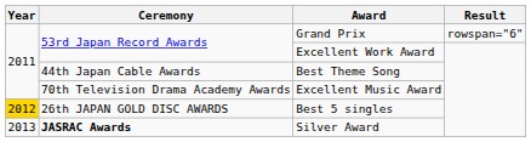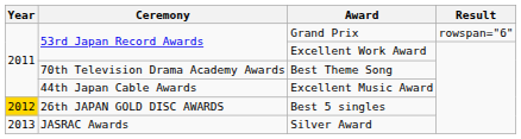 <table class="wikitable">
 <tr>
 <th>Year</th>
 <th>Ceremony</th>
 <th>Award</th>
 <th>Result</th>
 </tr>
 <tr>
 <td rowspan="4">2011</td>
 <td rowspan="2"><a href='#'>53rd Japan Record Awards</a></td>
 <td>Grand Prix</td>
 <td>rowspan="6"  </td>
 </tr>
 <tr>
 <td>Excellent Work Award</td>
 </tr>
 <tr>
-<td>44th Japan Cable Awards</td>
+<td>70th Television Drama Academy Awards</td>
 <td>Best Theme Song</td>
 </tr>
 <tr>
-<td>70th Television Drama Academy Awards</td>
+<td>44th Japan Cable Awards</td>
 <td>Excellent Music Award</td>
 </tr>
 <tr>
 <td style="background: gold;">2012</td>
 <td>26th JAPAN GOLD DISC AWARDS</td>
 <td>Best 5 singles</td>
 </tr>
 <tr>
 <td>2013</td>
-<td><strong>JASRAC Awards</strong></td>
+<td>JASRAC Awards</td>
 <td>Silver Award</td>
 </tr>
 </table>
